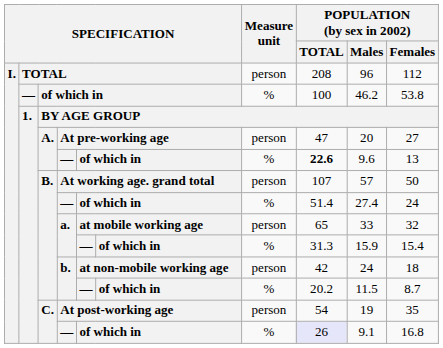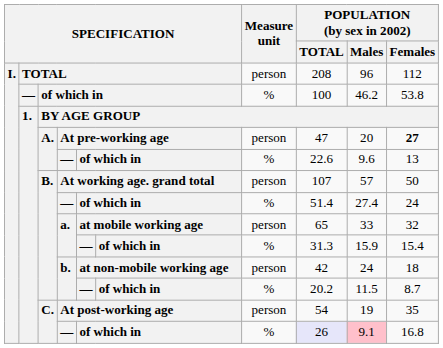 <table class="wikitable" style="font-size:85%; text-align:center">
 <tr>
 <th rowspan="2" colspan="6">SPECIFICATION</th>
 <th rowspan="2">Measure<br> unit</th>
 <th colspan="3" rowspan="1">POPULATION<br> (by sex in 2002)</th>
 </tr>
 <tr>
 <th>TOTAL</th>
 <th>Males</th>
 <th>Females</th>
 </tr>
 <tr>
 <th style="text-align:left" valign="top" rowspan="13">I.</th>
 <th style="text-align:left" colspan="5">TOTAL</th>
 <td>person</td>
 <td>208</td>
 <td>96</td>
 <td>112</td>
 </tr>
 <tr>
 <th style="text-align:left" valign="top">—</th>
 <th style="text-align:left" colspan="4">of which in</th>
 <td>%</td>
 <td>100</td>
 <td>46.2</td>
 <td>53.8</td>
 </tr>
 <tr>
 <th style="text-align:left" valign="top" rowspan="11">1.</th>
 <th style="text-align:left" colspan="19">BY AGE GROUP</th>
 </tr>
 <tr>
 <th style="text-align:left" valign="top" rowspan="2">A.</th>
 <th style="text-align:left" colspan="3">At pre-working age</th>
 <td>person</td>
 <td>47</td>
 <td>20</td>
-<td>27</td>
+<td><strong>27</strong></td>
 </tr>
 <tr>
 <th style="text-align:left" valign="top">—</th>
 <th style="text-align:left" valign="top" colspan="2">of which in</th>
 <td>%</td>
-<td><strong>22.6</strong></td>
+<td>22.6</td>
 <td>9.6</td>
 <td>13</td>
 </tr>
 <tr>
 <th style="text-align:left" valign="top" rowspan="6">B.</th>
 <th style="text-align:left" colspan="3">At working age. grand total</th>
 <td>person</td>
 <td>107</td>
 <td>57</td>
 <td>50</td>
 </tr>
 <tr>
 <th style="text-align:left" valign="top">—</th>
 <th style="text-align:left" valign="top" colspan="2">of which in</th>
 <td>%</td>
 <td>51.4</td>
 <td>27.4</td>
 <td>24</td>
 </tr>
 <tr>
 <th style="text-align:left" valign="top" rowspan="2">a.</th>
 <th style="text-align:left" colspan="2">at mobile working age</th>
 <td>person</td>
 <td>65</td>
 <td>33</td>
 <td>32</td>
 </tr>
 <tr>
 <th style="text-align:left" valign="top">—</th>
 <th style="text-align:left" valign="top" colspan="1">of which in                        </th>
 <td>%</td>
 <td>31.3</td>
 <td>15.9</td>
 <td>15.4</td>
 </tr>
 <tr>
 <th style="text-align:left" valign="top" rowspan="2">b.</th>
 <th style="text-align:left" colspan="2">at non-mobile working age</th>
 <td>person</td>
 <td>42</td>
 <td>24</td>
 <td>18</td>
 </tr>
 <tr>
 <th style="text-align:left" valign="top">—</th>
 <th style="text-align:left" valign="top" colspan="1">of which in                        </th>
 <td>%</td>
 <td>20.2</td>
 <td>11.5</td>
 <td>8.7</td>
 </tr>
 <tr>
 <th style="text-align:left" valign="top" rowspan="2">C.</th>
 <th style="text-align:left" colspan="3">At post-working age</th>
 <td>person</td>
 <td>54</td>
 <td>19</td>
 <td>35</td>
 </tr>
 <tr>
 <th style="text-align:left" valign="top">—</th>
 <th style="text-align:left" valign="top" colspan="2">of which in</th>
 <td>%</td>
 <td style="background: lavender;">26</td>
-<td>9.1</td>
+<td style="background: pink;">9.1</td>
 <td>16.8</td>
 </tr>
 </table>
